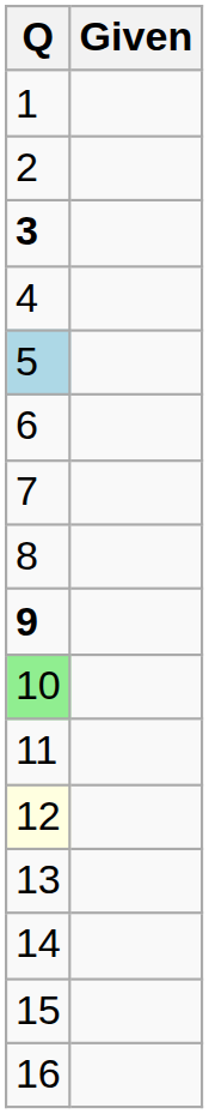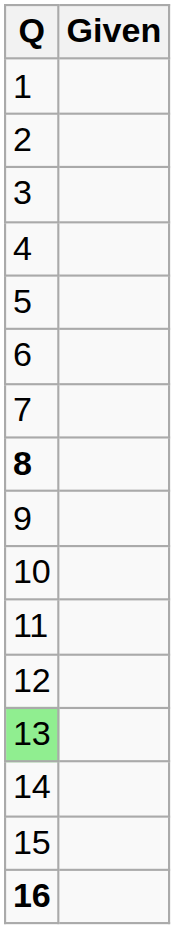 <table class="wikitable">
 <tr>
 <th>Q</th>
 <th>Given</th>
 </tr>
 <tr>
 <td>1</td>
 <td></td>
 </tr>
 <tr>
 <td>2</td>
 <td></td>
 </tr>
 <tr>
-<td><strong>3</strong></td>
+<td>3</td>
 <td></td>
 </tr>
 <tr>
 <td>4</td>
 <td></td>
 </tr>
 <tr>
-<td style="background: lightblue;">5</td>
+<td>5</td>
 <td></td>
 </tr>
 <tr>
 <td>6</td>
 <td></td>
 </tr>
 <tr>
 <td>7</td>
 <td></td>
 </tr>
 <tr>
-<td>8</td>
+<td><strong>8</strong></td>
 <td></td>
 </tr>
 <tr>
-<td><strong>9</strong></td>
+<td>9</td>
 <td></td>
 </tr>
 <tr>
-<td style="background: lightgreen;">10</td>
+<td>10</td>
 <td></td>
 </tr>
 <tr>
 <td>11</td>
 <td></td>
 </tr>
 <tr>
-<td style="background: lightyellow;">12</td>
+<td>12</td>
 <td></td>
 </tr>
 <tr>
-<td>13</td>
+<td style="background: lightgreen;">13</td>
 <td></td>
 </tr>
 <tr>
 <td>14</td>
 <td></td>
 </tr>
 <tr>
 <td>15</td>
 <td></td>
 </tr>
 <tr>
-<td>16</td>
+<td><strong>16</strong></td>
 <td></td>
 </tr>
 </table>
